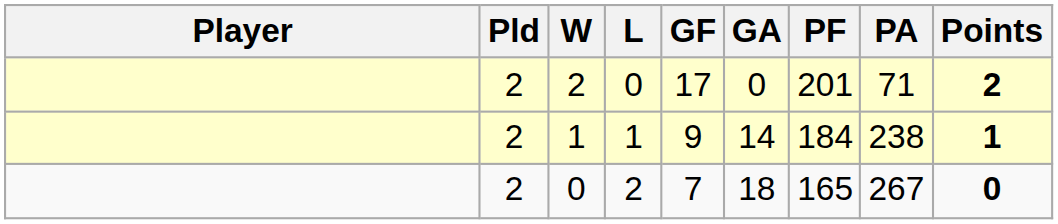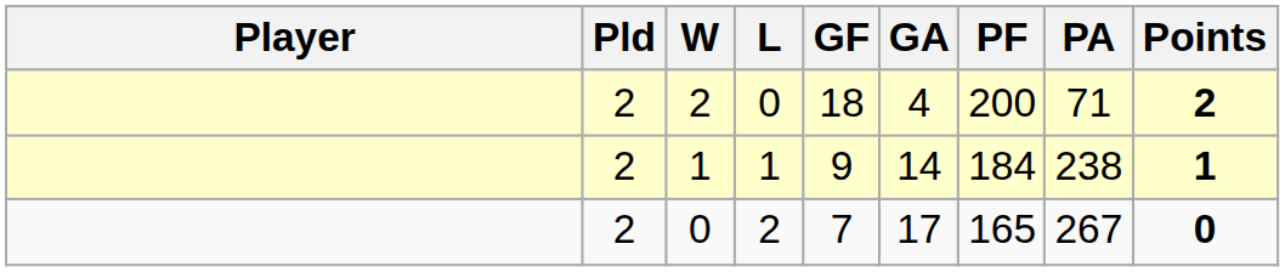 <table class="wikitable" style="text-align:center;">
 <tr>
 <th width=220>Player</th>
 <th width=20>Pld</th>
 <th width=20>W</th>
 <th width=20>L</th>
 <th width=20>GF</th>
 <th width=20>GA</th>
 <th width=20>PF</th>
 <th width=20>PA</th>
 <th width=50>Points</th>
 </tr>
 <tr style="background:#ffffcc;">
 <td style="text-align:left;"></td>
 <td>2</td>
 <td>2</td>
 <td>0</td>
-<td>17</td>
-<td>0</td>
-<td>201</td>
+<td>18</td>
+<td>4</td>
+<td>200</td>
 <td>71</td>
 <td><strong>2</strong></td>
 </tr>
 <tr style="background:#ffffcc;">
 <td style="text-align:left;"></td>
 <td>2</td>
 <td>1</td>
 <td>1</td>
 <td>9</td>
 <td>14</td>
 <td>184</td>
 <td>238</td>
 <td><strong>1</strong></td>
 </tr>
 <tr>
 <td style="text-align:left;"></td>
 <td>2</td>
 <td>0</td>
 <td>2</td>
 <td>7</td>
-<td>18</td>
+<td>17</td>
 <td>165</td>
 <td>267</td>
 <td><strong>0</strong></td>
 </tr>
 </table>
